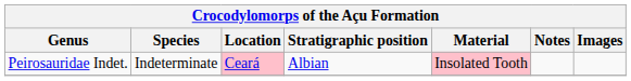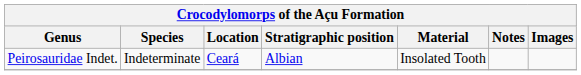 <table class="wikitable" align="center">
 <tr>
 <th colspan="7" align="center"><a href='#'>Crocodylomorps</a> of the Açu Formation</th>
 </tr>
 <tr>
 <th>Genus</th>
 <th>Species</th>
 <th>Location</th>
 <th>Stratigraphic position</th>
 <th>Material</th>
 <th>Notes</th>
 <th>Images</th>
 </tr>
 <tr>
 <td><a href='#'>Peirosauridae</a> Indet.</td>
 <td>Indeterminate</td>
-<td style="background: pink;"><a href='#'>Ceará</a></td>
+<td><a href='#'>Ceará</a></td>
 <td><a href='#'>Albian</a></td>
-<td style="background: pink;">Insolated Tooth</td>
+<td>Insolated Tooth</td>
 <td></td>
 <td></td>
 </tr>
 <tr>
 </tr>
 </table>
